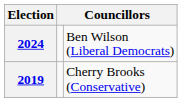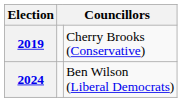 <table class="wikitable">
 <tr>
 <th>Election</th>
 <th colspan="2">Councillors</th>
 </tr>
 <tr>
+<th><a href='#'>2019</a></th>
+<td style="background-color: "></td>
+<td>Cherry Brooks<br>(<a href='#'>Conservative</a>)</td>
+</tr>
+<tr>
 <th><a href='#'>2024</a></th>
 <td style="background-color: "></td>
 <td>Ben Wilson<br>(<a href='#'>Liberal Democrats</a>)</td>
 </tr>
-<tr>
-<th><a href='#'>2019</a></th>
-<td style="background-color: "></td>
-<td>Cherry Brooks<br>(<a href='#'>Conservative</a>)</td>
-</tr>
 </table>
